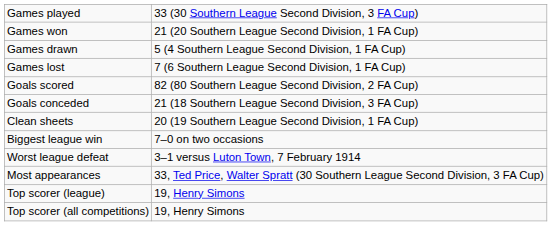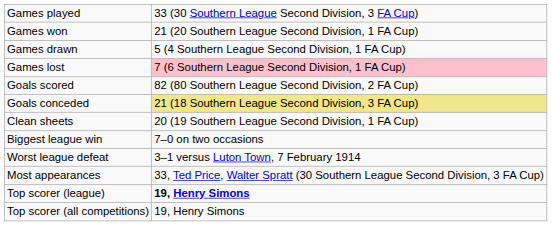 <table class="wikitable">
 <tr>
 <td>Games played</td>
 <td>33 (30 <a href='#'>Southern League</a> Second Division, 3 <a href='#'>FA Cup</a>)</td>
 </tr>
 <tr>
 <td>Games won</td>
 <td>21 (20 Southern League Second Division, 1 FA Cup)</td>
 </tr>
 <tr>
 <td>Games drawn</td>
 <td>5 (4 Southern League Second Division, 1 FA Cup)</td>
 </tr>
 <tr>
 <td>Games lost</td>
-<td>7 (6 Southern League Second Division, 1 FA Cup)</td>
+<td style="background: pink;">7 (6 Southern League Second Division, 1 FA Cup)</td>
 </tr>
 <tr>
 <td>Goals scored</td>
 <td>82 (80 Southern League Second Division, 2 FA Cup)</td>
 </tr>
 <tr>
 <td>Goals conceded</td>
-<td>21 (18 Southern League Second Division, 3 FA Cup)</td>
+<td style="background: khaki;">21 (18 Southern League Second Division, 3 FA Cup)</td>
 </tr>
 <tr>
 <td>Clean sheets</td>
 <td>20 (19 Southern League Second Division, 1 FA Cup)</td>
 </tr>
 <tr>
 <td>Biggest league win</td>
 <td>7–0 on two occasions</td>
 </tr>
 <tr>
 <td>Worst league defeat</td>
 <td>3–1 versus <a href='#'>Luton Town</a>, 7 February 1914</td>
 </tr>
 <tr>
 <td>Most appearances</td>
 <td>33, <a href='#'>Ted Price</a>, <a href='#'>Walter Spratt</a> (30 Southern League Second Division, 3 FA Cup)</td>
 </tr>
 <tr>
 <td>Top scorer (league)</td>
-<td>19, <a href='#'>Henry Simons</a></td>
+<td><strong>19, <a href='#'>Henry Simons</a></strong></td>
 </tr>
 <tr>
 <td>Top scorer (all competitions)</td>
 <td>19, Henry Simons</td>
 </tr>
 </table>
